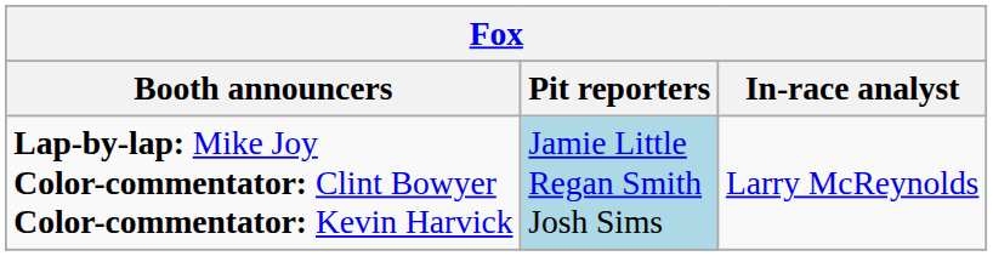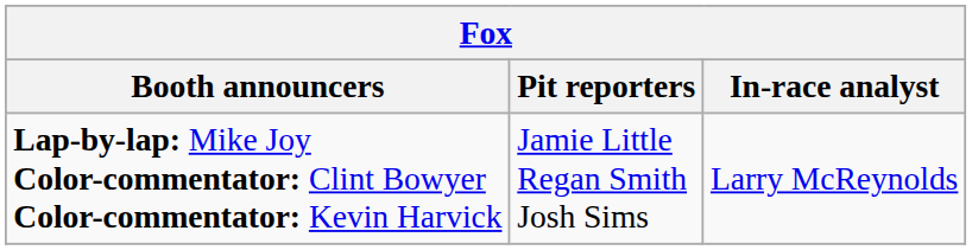 <table class="wikitable" style="font-size: 95%">
 <tr>
 <th colspan="3"><a href='#'>Fox</a></th>
 </tr>
 <tr>
 <th>Booth announcers</th>
 <th>Pit reporters</th>
 <th>In-race analyst</th>
 </tr>
 <tr>
 <td><strong>Lap-by-lap:</strong> <a href='#'>Mike Joy</a><br><strong>Color-commentator:</strong> <a href='#'>Clint Bowyer</a><br><strong>Color-commentator:</strong> <a href='#'>Kevin Harvick</a></td>
-<td style="background: lightblue;"><a href='#'>Jamie Little</a><br><a href='#'>Regan Smith</a><br>Josh Sims</td>
+<td><a href='#'>Jamie Little</a><br><a href='#'>Regan Smith</a><br>Josh Sims</td>
 <td><a href='#'>Larry McReynolds</a></td>
 </tr>
 </table>
